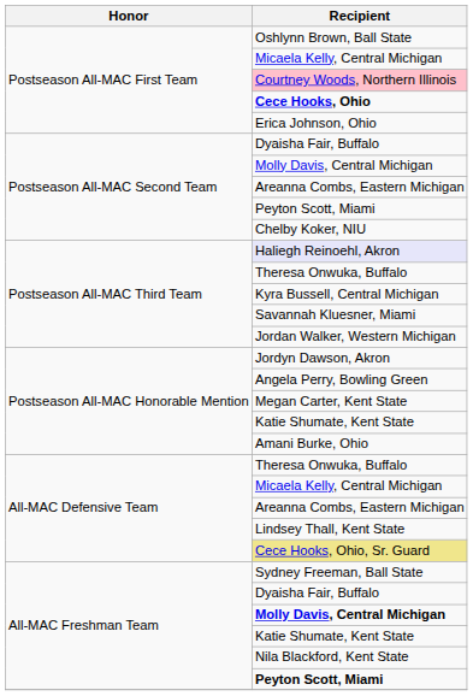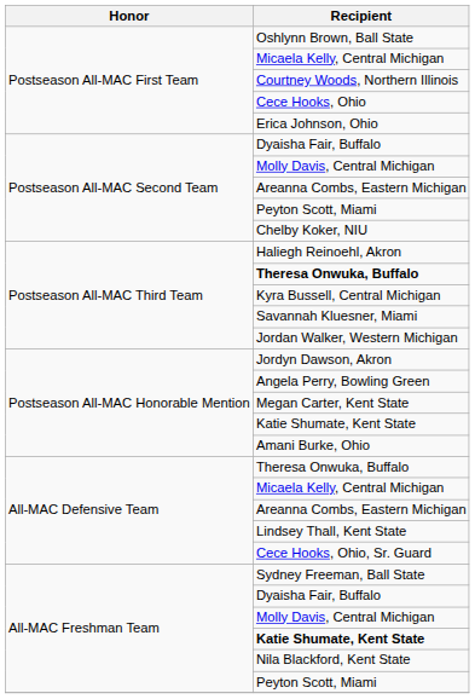 <table class="wikitable" border="1">
 <tr>
 <th>Honor</th>
 <th>Recipient</th>
 </tr>
 <tr>
 <td rowspan=5 valign=middle>Postseason All-MAC First Team</td>
 <td>Oshlynn Brown, Ball State</td>
 </tr>
 <tr>
 <td><a href='#'>Micaela Kelly</a>, Central Michigan</td>
 </tr>
 <tr>
-<td style="background: pink;"><a href='#'>Courtney Woods</a>, Northern Illinois</td>
+<td><a href='#'>Courtney Woods</a>, Northern Illinois</td>
 </tr>
 <tr>
-<td><strong><a href='#'>Cece Hooks</a>, Ohio</strong></td>
+<td><a href='#'>Cece Hooks</a>, Ohio</td>
 </tr>
 <tr>
 <td>Erica Johnson, Ohio</td>
 </tr>
 <tr>
 <td rowspan=5 valign=middle>Postseason All-MAC Second Team</td>
 <td>Dyaisha Fair, Buffalo</td>
 </tr>
 <tr>
 <td><a href='#'>Molly Davis</a>, Central Michigan</td>
 </tr>
 <tr>
 <td>Areanna Combs, Eastern Michigan</td>
 </tr>
 <tr>
 <td>Peyton Scott, Miami</td>
 </tr>
 <tr>
 <td>Chelby Koker, NIU</td>
 </tr>
 <tr>
 <td rowspan=5 valign=middle>Postseason All-MAC Third Team</td>
-<td style="background: lavender;">Haliegh Reinoehl, Akron</td>
+<td>Haliegh Reinoehl, Akron</td>
 </tr>
 <tr>
-<td>Theresa Onwuka, Buffalo</td>
+<td><strong>Theresa Onwuka, Buffalo</strong></td>
 </tr>
 <tr>
 <td>Kyra Bussell, Central Michigan</td>
 </tr>
 <tr>
 <td>Savannah Kluesner, Miami</td>
 </tr>
 <tr>
 <td>Jordan Walker, Western Michigan</td>
 </tr>
 <tr>
 <td rowspan=5 valign=middle>Postseason All-MAC Honorable Mention</td>
 <td>Jordyn Dawson, Akron</td>
 </tr>
 <tr>
 <td>Angela Perry, Bowling Green</td>
 </tr>
 <tr>
 <td>Megan Carter, Kent State</td>
 </tr>
 <tr>
 <td>Katie Shumate, Kent State</td>
 </tr>
 <tr>
 <td>Amani Burke, Ohio</td>
 </tr>
 <tr>
 <td rowspan=5 valign=middle>All-MAC Defensive Team</td>
 <td>Theresa Onwuka, Buffalo</td>
 </tr>
 <tr>
 <td><a href='#'>Micaela Kelly</a>, Central Michigan</td>
 </tr>
 <tr>
 <td>Areanna Combs, Eastern Michigan</td>
 </tr>
 <tr>
 <td>Lindsey Thall, Kent State</td>
 </tr>
 <tr>
-<td style="background: khaki;"><a href='#'>Cece Hooks</a>, Ohio, Sr. Guard</td>
+<td><a href='#'>Cece Hooks</a>, Ohio, Sr. Guard</td>
 </tr>
 <tr>
 <td rowspan=6 valign=middle>All-MAC Freshman Team</td>
 <td>Sydney Freeman, Ball State</td>
 </tr>
 <tr>
 <td>Dyaisha Fair, Buffalo</td>
 </tr>
 <tr>
-<td><strong><a href='#'>Molly Davis</a>, Central Michigan</strong></td>
+<td><a href='#'>Molly Davis</a>, Central Michigan</td>
 </tr>
 <tr>
-<td>Katie Shumate, Kent State</td>
+<td><strong>Katie Shumate, Kent State</strong></td>
 </tr>
 <tr>
 <td>Nila Blackford, Kent State</td>
 </tr>
 <tr>
-<td><strong>Peyton Scott, Miami</strong></td>
+<td>Peyton Scott, Miami</td>
 </tr>
 <tr>
 </tr>
 </table>
